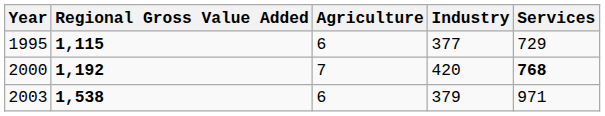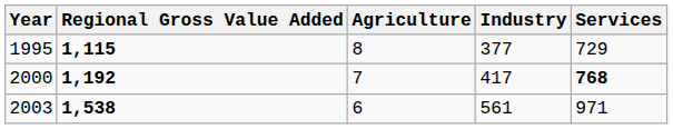 <table class="wikitable">
 <tr>
 <th>Year</th>
 <th>Regional Gross Value Added</th>
 <th>Agricu­lture</th>
 <th>Indust­ry</th>
 <th>Servi­ces</th>
 </tr>
 <tr>
 <td>1995</td>
 <td><strong>1,115</strong></td>
-<td>6</td>
+<td>8</td>
 <td>377</td>
 <td>729</td>
 </tr>
 <tr>
 <td>2000</td>
 <td><strong>1,192</strong></td>
 <td>7</td>
-<td>420</td>
+<td>417</td>
 <td><strong>768</strong></td>
 </tr>
 <tr>
 <td>2003</td>
 <td><strong>1,538</strong></td>
 <td>6</td>
-<td>379</td>
+<td>561</td>
 <td>971</td>
 </tr>
 </table>
